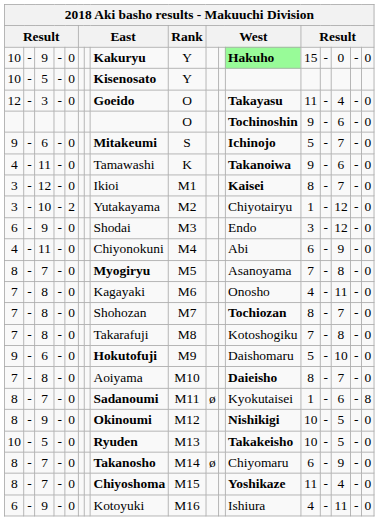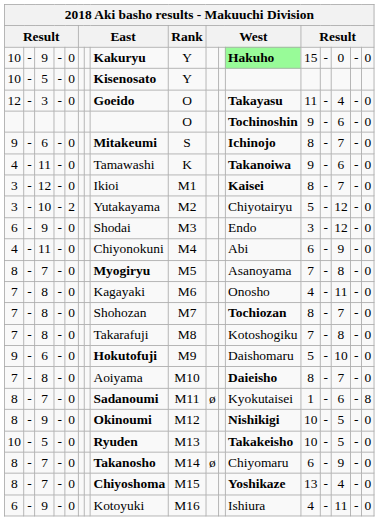 <table class="wikitable">
 <tr>
 <th colspan="17">2018 Aki basho results - Makuuchi Division</th>
 </tr>
 <tr>
 <th colspan="5">Result</th>
 <th colspan="3">East</th>
 <th>Rank</th>
 <th colspan="3">West</th>
 <th colspan="5">Result</th>
 </tr>
 <tr>
 <td align=center>10</td>
 <td align=center>-</td>
 <td align=center>9</td>
 <td align=center>-</td>
 <td align=center>0</td>
 <td align=center></td>
 <td align=center></td>
 <td><strong>Kakuryu</strong></td>
 <td align=center>Y</td>
 <td align=center></td>
 <td align=center></td>
 <td style="background: PaleGreen;"><strong>Hakuho</strong></td>
 <td align=center>15</td>
 <td align=center>-</td>
 <td align=center>0</td>
 <td align=center>-</td>
 <td align=center>0</td>
 </tr>
 <tr>
 <td align=center>10</td>
 <td align=center>-</td>
 <td align=center>5</td>
 <td align=center>-</td>
 <td align=center>0</td>
 <td align=center></td>
 <td align=center></td>
 <td><strong>Kisenosato</strong></td>
 <td align=center>Y</td>
 <td align=center></td>
 <td align=center></td>
 <td align=center></td>
 <td align=center></td>
 <td align=center></td>
 <td align=center></td>
 <td align=center></td>
 <td align=center></td>
 </tr>
 <tr>
 <td align=center>12</td>
 <td align=center>-</td>
 <td align=center>3</td>
 <td align=center>-</td>
 <td align=center>0</td>
 <td align=center></td>
 <td align=center></td>
 <td><strong>Goeido</strong></td>
 <td align=center>O</td>
 <td align=center></td>
 <td align=center></td>
 <td><strong>Takayasu</strong></td>
 <td align=center>11</td>
 <td align=center>-</td>
 <td align=center>4</td>
 <td align=center>-</td>
 <td align=center>0</td>
 </tr>
 <tr>
 <td align=center></td>
 <td align=center></td>
 <td align=center></td>
 <td align=center></td>
 <td align=center></td>
 <td align=center></td>
 <td align=center></td>
 <td align=center></td>
 <td align=center>O</td>
 <td align=center></td>
 <td align=center></td>
 <td><strong>Tochinoshin</strong></td>
 <td align=center>9</td>
 <td align=center>-</td>
 <td align=center>6</td>
 <td align=center>-</td>
 <td align=center>0</td>
 </tr>
 <tr>
 <td align=center>9</td>
 <td align=center>-</td>
 <td align=center>6</td>
 <td align=center>-</td>
 <td align=center>0</td>
 <td align=center></td>
 <td align=center></td>
 <td><strong>Mitakeumi</strong></td>
 <td align=center>S</td>
 <td align=center></td>
 <td align=center></td>
 <td><strong>Ichinojo</strong></td>
-<td align=center>5</td>
+<td align=center>8</td>
 <td align=center>-</td>
 <td align=center>7</td>
 <td align=center>-</td>
 <td align=center>0</td>
 </tr>
 <tr>
 <td align=center>4</td>
 <td align=center>-</td>
 <td align=center>11</td>
 <td align=center>-</td>
 <td align=center>0</td>
 <td align=center></td>
 <td align=center></td>
 <td>Tamawashi</td>
 <td align=center>K</td>
 <td align=center></td>
 <td align=center></td>
 <td><strong>Takanoiwa</strong></td>
 <td align=center>9</td>
 <td align=center>-</td>
 <td align=center>6</td>
 <td align=center>-</td>
 <td align=center>0</td>
 </tr>
 <tr>
 <td align=center>3</td>
 <td align=center>-</td>
 <td align=center>12</td>
 <td align=center>-</td>
 <td align=center>0</td>
 <td align=center></td>
 <td align=center></td>
 <td>Ikioi</td>
 <td align=center>M1</td>
 <td align=center></td>
 <td align=center></td>
 <td><strong>Kaisei</strong></td>
 <td align=center>8</td>
 <td align=center>-</td>
 <td align=center>7</td>
 <td align=center>-</td>
 <td align=center>0</td>
 </tr>
 <tr>
 <td align=center>3</td>
 <td align=center>-</td>
 <td align=center>10</td>
 <td align=center>-</td>
 <td align=center>2</td>
 <td align=center></td>
 <td align=center></td>
 <td>Yutakayama</td>
 <td align=center>M2</td>
 <td align=center></td>
 <td align=center></td>
 <td>Chiyotairyu</td>
-<td align=center>1</td>
+<td align=center>5</td>
 <td align=center>-</td>
 <td align=center>12</td>
 <td align=center>-</td>
 <td align=center>0</td>
 </tr>
 <tr>
 <td align=center>6</td>
 <td align=center>-</td>
 <td align=center>9</td>
 <td align=center>-</td>
 <td align=center>0</td>
 <td align=center></td>
 <td align=center></td>
 <td>Shodai</td>
 <td align=center>M3</td>
 <td align=center></td>
 <td align=center></td>
 <td>Endo</td>
 <td align=center>3</td>
 <td align=center>-</td>
 <td align=center>12</td>
 <td align=center>-</td>
 <td align=center>0</td>
 </tr>
 <tr>
 <td align=center>4</td>
 <td align=center>-</td>
 <td align=center>11</td>
 <td align=center>-</td>
 <td align=center>0</td>
 <td align=center></td>
 <td align=center></td>
 <td>Chiyonokuni</td>
 <td align=center>M4</td>
 <td align=center></td>
 <td align=center></td>
 <td>Abi</td>
 <td align=center>6</td>
 <td align=center>-</td>
 <td align=center>9</td>
 <td align=center>-</td>
 <td align=center>0</td>
 </tr>
 <tr>
 <td align=center>8</td>
 <td align=center>-</td>
 <td align=center>7</td>
 <td align=center>-</td>
 <td align=center>0</td>
 <td align=center></td>
 <td align=center></td>
 <td><strong>Myogiryu</strong></td>
 <td align=center>M5</td>
 <td align=center></td>
 <td align=center></td>
 <td>Asanoyama</td>
 <td align=center>7</td>
 <td align=center>-</td>
 <td align=center>8</td>
 <td align=center>-</td>
 <td align=center>0</td>
 </tr>
 <tr>
 <td align=center>7</td>
 <td align=center>-</td>
 <td align=center>8</td>
 <td align=center>-</td>
 <td align=center>0</td>
 <td align=center></td>
 <td align=center></td>
 <td>Kagayaki</td>
 <td align=center>M6</td>
 <td align=center></td>
 <td align=center></td>
 <td>Onosho</td>
 <td align=center>4</td>
 <td align=center>-</td>
 <td align=center>11</td>
 <td align=center>-</td>
 <td align=center>0</td>
 </tr>
 <tr>
 <td align=center>7</td>
 <td align=center>-</td>
 <td align=center>8</td>
 <td align=center>-</td>
 <td align=center>0</td>
 <td align=center></td>
 <td align=center></td>
 <td>Shohozan</td>
 <td align=center>M7</td>
 <td align=center></td>
 <td align=center></td>
 <td><strong>Tochiozan</strong></td>
 <td align=center>8</td>
 <td align=center>-</td>
 <td align=center>7</td>
 <td align=center>-</td>
 <td align=center>0</td>
 </tr>
 <tr>
 <td align=center>7</td>
 <td align=center>-</td>
 <td align=center>8</td>
 <td align=center>-</td>
 <td align=center>0</td>
 <td align=center></td>
 <td align=center></td>
 <td>Takarafuji</td>
 <td align=center>M8</td>
 <td align=center></td>
 <td align=center></td>
 <td>Kotoshogiku</td>
 <td align=center>7</td>
 <td align=center>-</td>
 <td align=center>8</td>
 <td align=center>-</td>
 <td align=center>0</td>
 </tr>
 <tr>
 <td align=center>9</td>
 <td align=center>-</td>
 <td align=center>6</td>
 <td align=center>-</td>
 <td align=center>0</td>
 <td align=center></td>
 <td align=center></td>
 <td><strong>Hokutofuji</strong></td>
 <td align=center>M9</td>
 <td align=center></td>
 <td align=center></td>
 <td>Daishomaru</td>
 <td align=center>5</td>
 <td align=center>-</td>
 <td align=center>10</td>
 <td align=center>-</td>
 <td align=center>0</td>
 </tr>
 <tr>
 <td align=center>7</td>
 <td align=center>-</td>
 <td align=center>8</td>
 <td align=center>-</td>
 <td align=center>0</td>
 <td align=center></td>
 <td align=center></td>
 <td>Aoiyama</td>
 <td align=center>M10</td>
 <td align=center></td>
 <td align=center></td>
 <td><strong>Daieisho</strong></td>
 <td align=center>8</td>
 <td align=center>-</td>
 <td align=center>7</td>
 <td align=center>-</td>
 <td align=center>0</td>
 </tr>
 <tr>
 <td align=center>8</td>
 <td align=center>-</td>
 <td align=center>7</td>
 <td align=center>-</td>
 <td align=center>0</td>
 <td align=center></td>
 <td align=center></td>
 <td><strong>Sadanoumi</strong></td>
 <td align=center>M11</td>
 <td align=center>ø</td>
 <td align=center></td>
 <td>Kyokutaisei</td>
 <td align=center>1</td>
 <td align=center>-</td>
 <td align=center>6</td>
 <td align=center>-</td>
 <td align=center>8</td>
 </tr>
 <tr>
 <td align=center>8</td>
 <td align=center>-</td>
 <td align=center>9</td>
 <td align=center>-</td>
 <td align=center>0</td>
 <td align=center></td>
 <td align=center></td>
 <td><strong>Okinoumi</strong></td>
 <td align=center>M12</td>
 <td align=center></td>
 <td align=center></td>
 <td><strong>Nishikigi</strong></td>
 <td align=center>10</td>
 <td align=center>-</td>
 <td align=center>5</td>
 <td align=center>-</td>
 <td align=center>0</td>
 </tr>
 <tr>
 <td align=center>10</td>
 <td align=center>-</td>
 <td align=center>5</td>
 <td align=center>-</td>
 <td align=center>0</td>
 <td align=center></td>
 <td align=center></td>
 <td><strong>Ryuden</strong></td>
 <td align=center>M13</td>
 <td align=center></td>
 <td align=center></td>
 <td><strong>Takakeisho</strong></td>
 <td align=center>10</td>
 <td align=center>-</td>
 <td align=center>5</td>
 <td align=center>-</td>
 <td align=center>0</td>
 </tr>
 <tr>
 <td align=center>8</td>
 <td align=center>-</td>
 <td align=center>7</td>
 <td align=center>-</td>
 <td align=center>0</td>
 <td align=center></td>
 <td align=center></td>
 <td><strong>Takanosho</strong></td>
 <td align=center>M14</td>
 <td align=center>ø</td>
 <td align=center></td>
 <td>Chiyomaru</td>
 <td align=center>6</td>
 <td align=center>-</td>
 <td align=center>9</td>
 <td align=center>-</td>
 <td align=center>0</td>
 </tr>
 <tr>
 <td align=center>8</td>
 <td align=center>-</td>
 <td align=center>7</td>
 <td align=center>-</td>
 <td align=center>0</td>
 <td align=center></td>
 <td align=center></td>
 <td><strong>Chiyoshoma</strong></td>
 <td align=center>M15</td>
 <td align=center></td>
 <td align=center></td>
 <td><strong>Yoshikaze</strong></td>
-<td align=center>11</td>
+<td align=center>13</td>
 <td align=center>-</td>
 <td align=center>4</td>
 <td align=center>-</td>
 <td align=center>0</td>
 </tr>
 <tr>
 <td align=center>6</td>
 <td align=center>-</td>
 <td align=center>9</td>
 <td align=center>-</td>
 <td align=center>0</td>
 <td align=center></td>
 <td align=center></td>
 <td>Kotoyuki</td>
 <td align=center>M16</td>
 <td align=center></td>
 <td align=center></td>
 <td>Ishiura</td>
 <td align=center>4</td>
 <td align=center>-</td>
 <td align=center>11</td>
 <td align=center>-</td>
 <td align=center>0</td>
 </tr>
 </table>
